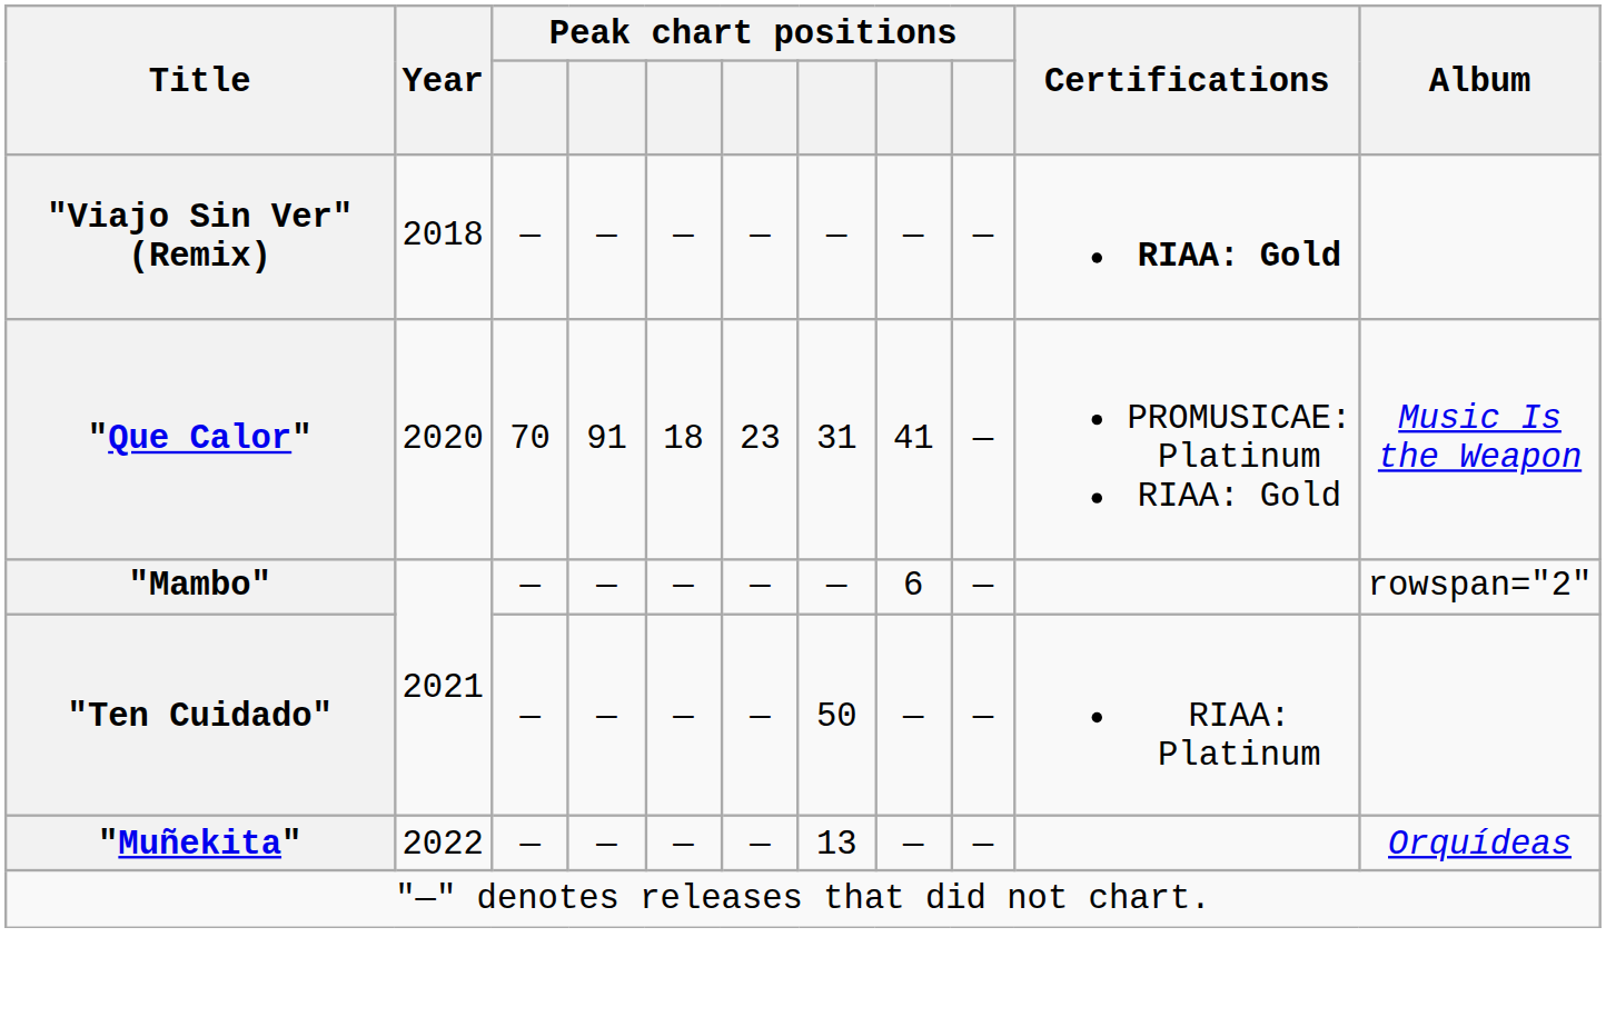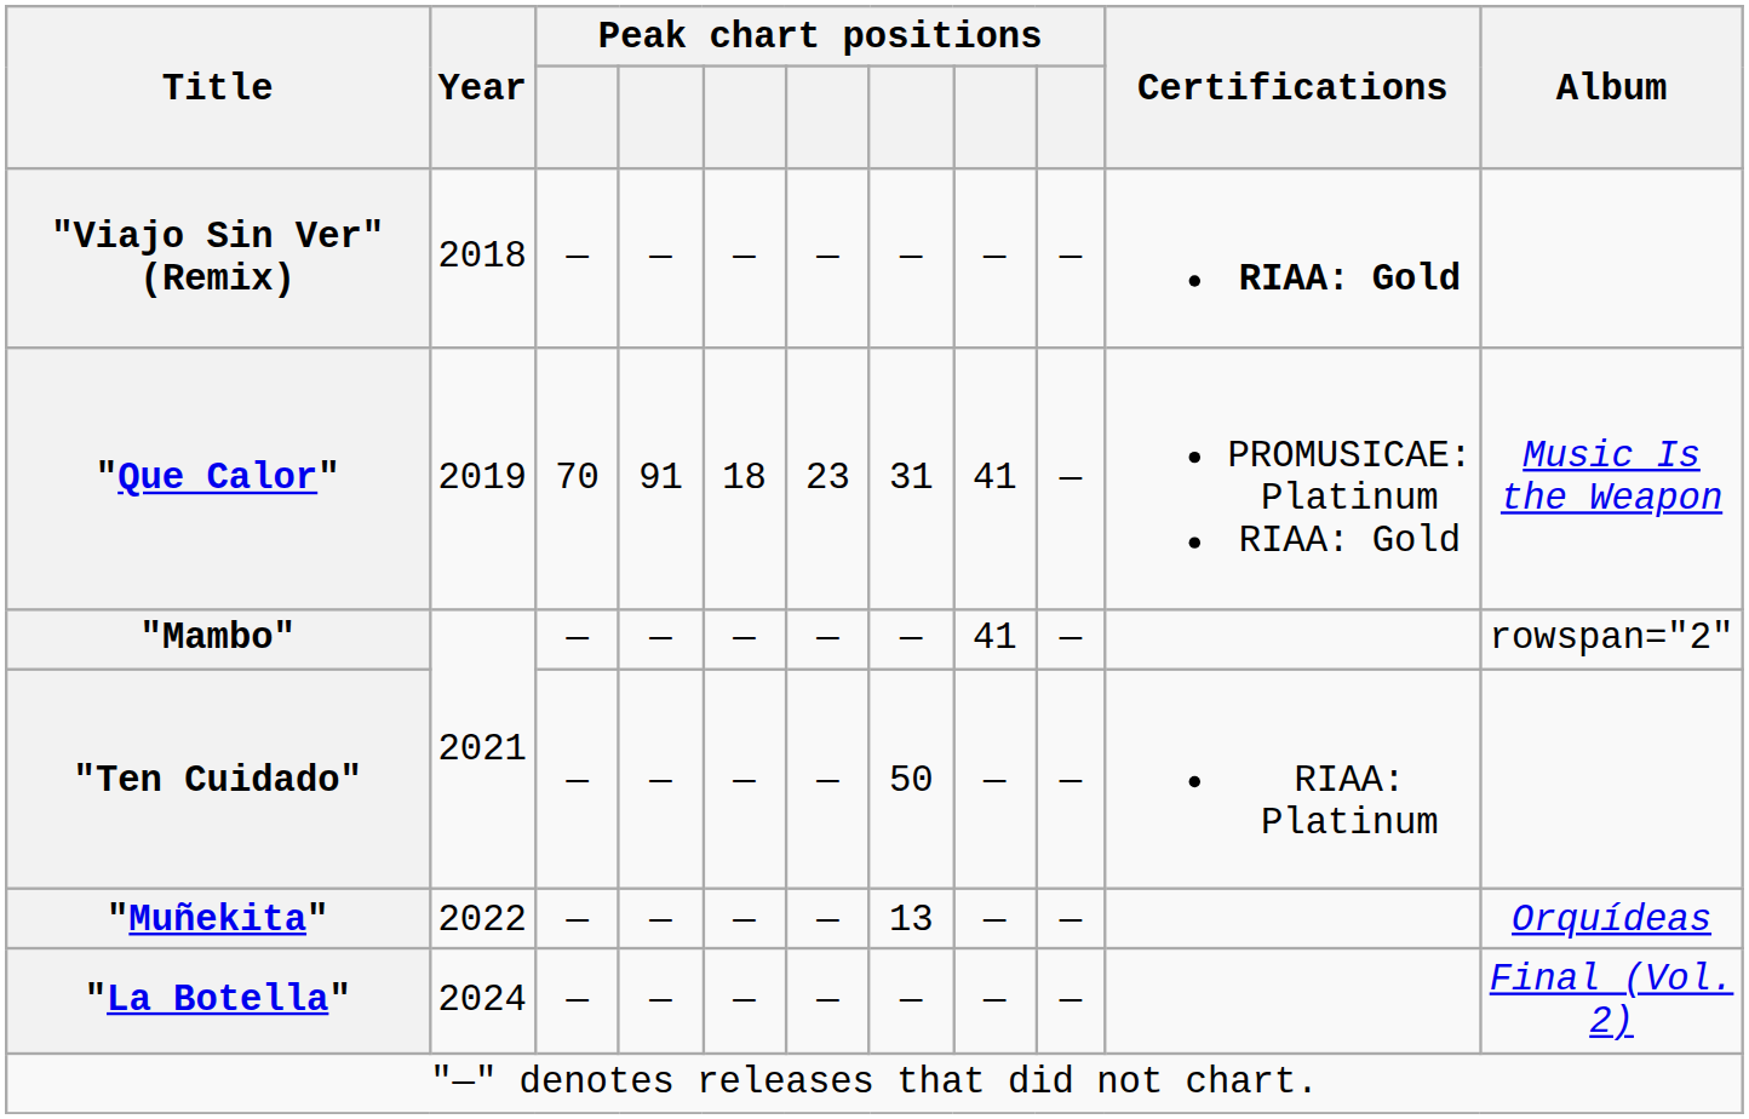 <table class="wikitable plainrowheaders" style="text-align:center;" border="1">
 <tr>
 <th rowspan="2" style="width:22em;">Title</th>
 <th rowspan="2">Year</th>
 <th colspan="7">Peak chart positions</th>
 <th rowspan="2">Certifications</th>
 <th rowspan="2">Album</th>
 </tr>
 <tr>
 <th width="40"><a href='#'></a><br></th>
 <th width="40"><a href='#'></a><br></th>
 <th width="40"><a href='#'></a><br></th>
 <th width="40"><a href='#'></a><br></th>
 <th width="40"><a href='#'> <br> </a><br></th>
 <th width="40"><a href='#'></a><br></th>
 <th width="40"><a href='#'></a><br></th>
 </tr>
 <tr>
 <th scope="row">"Viajo Sin Ver" (Remix)<br></th>
 <td>2018</td>
 <td>—</td>
 <td>—</td>
 <td>—</td>
 <td>—</td>
 <td>—</td>
 <td>—</td>
 <td>—</td>
 <td><strong><br><ul><li>RIAA: Gold </li></ul></strong></td>
 <td></td>
 </tr>
 <tr>
 <th scope="row">"<a href='#'>Que Calor</a>"<br></th>
-<td>2020</td>
+<td>2019</td>
 <td>70</td>
 <td>91</td>
 <td>18</td>
 <td>23</td>
 <td>31</td>
 <td>41</td>
 <td>—</td>
 <td><br><ul><li>PROMUSICAE: Platinum</li><li>RIAA: Gold</li></ul></td>
 <td><em><a href='#'>Music Is the Weapon</a></em></td>
 </tr>
 <tr>
 <th scope="row">"Mambo"<br></th>
 <td rowspan="2">2021</td>
 <td>—</td>
 <td>—</td>
 <td>—</td>
 <td —>—</td>
 <td>—</td>
-<td>6</td>
+<td>41</td>
 <td>—</td>
 <td></td>
 <td>rowspan="2" </td>
 </tr>
 <tr>
 <th scope="row">"Ten Cuidado"<br></th>
 <td>—</td>
 <td>—</td>
 <td>—</td>
 <td —>—</td>
 <td>50</td>
 <td>—</td>
 <td>—</td>
 <td><br><ul><li>RIAA: Platinum </li></ul></td>
 </tr>
 <tr>
 <th scope="row">"<a href='#'>Muñekita</a>"<br></th>
 <td>2022</td>
 <td>—</td>
 <td>—</td>
 <td>—</td>
 <td>—</td>
 <td>13</td>
 <td>—</td>
 <td>—</td>
 <td></td>
 <td><em><a href='#'>Orquídeas</a></em></td>
 </tr>
 <tr>
+<th scope="row">"<a href='#'>La Botella</a>"<br></th>
+<td>2024</td>
+<td>—</td>
+<td>—</td>
+<td>—</td>
+<td>—</td>
+<td>—</td>
+<td>—</td>
+<td>—</td>
+<td></td>
+<td><em><a href='#'>Final (Vol. 2)</a></em></td>
+</tr>
+<tr>
 <td colspan="11" align="center">"—" denotes releases that did not chart.</td>
 </tr>
 </table>
